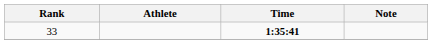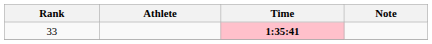 <table class="wikitable" style=" text-align:center; font-size:110%;" width="55%">
 <tr>
 <th>Rank</th>
 <th>Athlete</th>
 <th>Time</th>
 <th>Note</th>
 </tr>
 <tr>
 <td>33</td>
 <td align=left></td>
-<td><strong>1:35:41</strong></td>
+<td style="background: pink;"><strong>1:35:41</strong></td>
 <td></td>
 </tr>
 <tr>
 </tr>
 </table>
